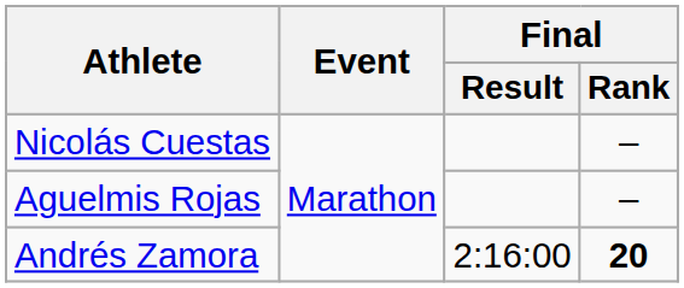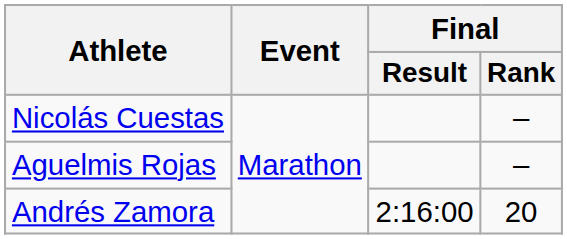 <table class=wikitable style=font-size:90%>
 <tr>
 <th rowspan=2>Athlete</th>
 <th rowspan=2>Event</th>
 <th colspan=2>Final</th>
 </tr>
 <tr style=font-size:95%>
 <th>Result</th>
 <th>Rank</th>
 </tr>
 <tr align=center>
 <td align=left><a href='#'>Nicolás Cuestas</a></td>
 <td align=left rowspan=3><a href='#'>Marathon</a></td>
 <td></td>
 <td>–</td>
 </tr>
 <tr align=center>
 <td align=left><a href='#'>Aguelmis Rojas</a></td>
 <td></td>
 <td>–</td>
 </tr>
 <tr align=center>
 <td align=left><a href='#'>Andrés Zamora</a></td>
 <td>2:16:00 <strong></strong></td>
-<td><strong>20</strong></td>
+<td>20</td>
 </tr>
 </table>
